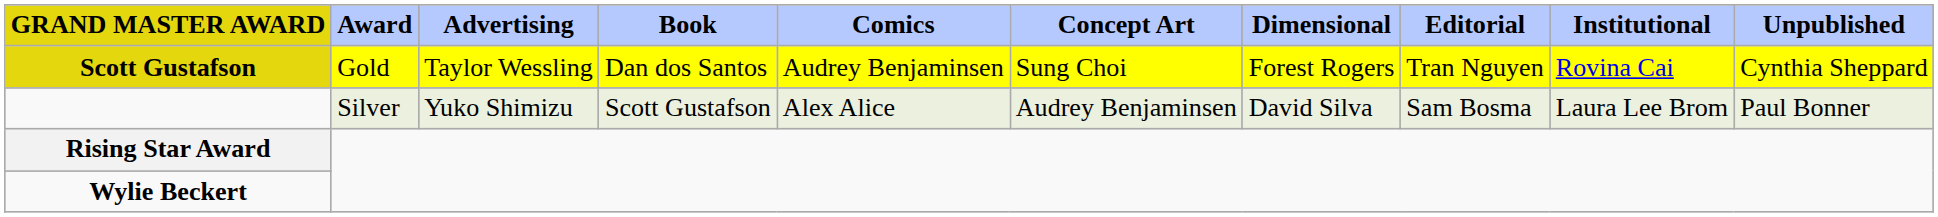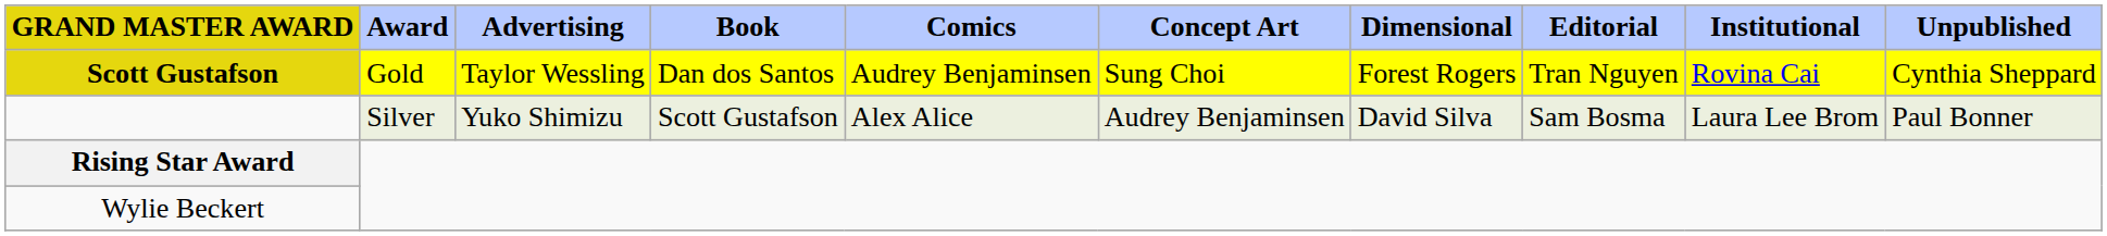 <table class="wikitable">
 <tr>
 <th style="background:#e5d70e">GRAND MASTER AWARD</th>
 <th style="background:#b6c9ff">Award</th>
 <th style="background:#b6c9ff">Advertising</th>
 <th style="background:#b6c9ff">Book</th>
 <th style="background:#b6c9ff">Comics</th>
 <th style="background:#b6c9ff">Concept Art</th>
 <th style="background:#b6c9ff">Dimensional</th>
 <th style="background:#b6c9ff">Editorial</th>
 <th style="background:#b6c9ff">Institutional</th>
 <th style="background:#b6c9ff">Unpublished</th>
 </tr>
 <tr>
 <td style="background:#e5d70e" align="center"><strong>Scott Gustafson</strong></td>
 <td style="background:#ffff00">Gold</td>
 <td style="background:#ffff00">Taylor Wessling</td>
 <td style="background:#ffff00">Dan dos Santos</td>
 <td style="background:#ffff00">Audrey Benjaminsen</td>
 <td style="background:#ffff00">Sung Choi</td>
 <td style="background:#ffff00">Forest Rogers</td>
 <td style="background:#ffff00">Tran Nguyen</td>
 <td style="background:#ffff00"><a href='#'>Rovina Cai</a></td>
 <td style="background:#ffff00">Cynthia Sheppard</td>
 </tr>
 <tr>
 <td></td>
 <td style="background:#ecf0df">Silver</td>
 <td style="background:#ecf0df">Yuko Shimizu</td>
 <td style="background:#ecf0df">Scott Gustafson</td>
 <td style="background:#ecf0df">Alex Alice</td>
 <td style="background:#ecf0df">Audrey Benjaminsen</td>
 <td style="background:#ecf0df">David Silva</td>
 <td style="background:#ecf0df">Sam Bosma</td>
 <td style="background:#ecf0df">Laura Lee Brom</td>
 <td style="background:#ecf0df">Paul Bonner</td>
 </tr>
 <tr>
 <th>Rising Star Award</th>
 </tr>
 <tr>
-<td align="center"><strong>Wylie Beckert</strong></td>
+<td align="center">Wylie Beckert</td>
 </tr>
 </table>
